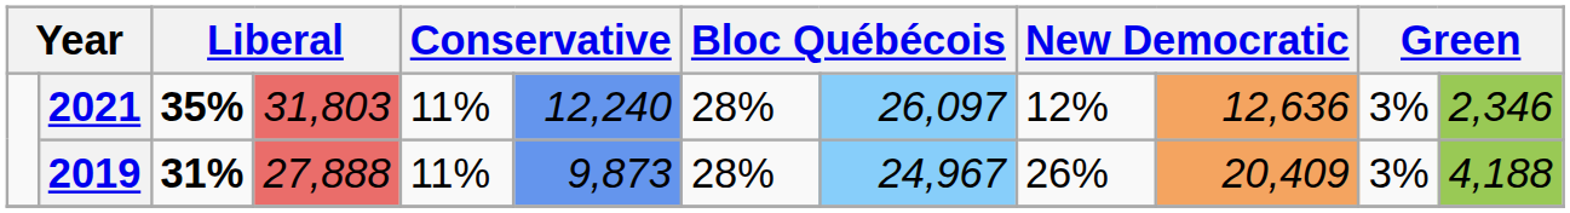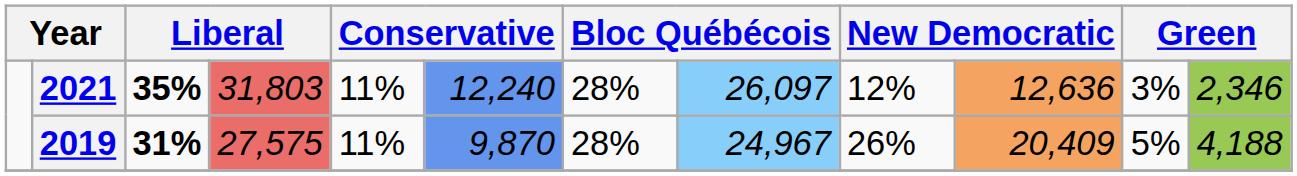 <table class="wikitable" style="float:right; width:400; font-size:90%; margin-left:1em;">
 <tr>
 <th colspan="2" scope="col">Year</th>
 <th colspan="2" scope="col"><a href='#'>Liberal</a></th>
 <th colspan="2" scope="col"><a href='#'>Conservative</a></th>
 <th colspan="2" scope="col"><a href='#'>Bloc Québécois</a></th>
 <th colspan="2" scope="col"><a href='#'>New Democratic</a></th>
 <th colspan="2" scope="col"><a href='#'>Green</a></th>
 </tr>
 <tr>
 <td rowspan="2" style="width: 0.25em; background-color: "></td>
 <th><a href='#'>2021</a></th>
 <td><strong>35%</strong></td>
 <td style="text-align:right; background:#EA6D6A;"><em>31,803</em></td>
 <td>11%</td>
 <td style="text-align:right; background:#6495ED;"><em>12,240</em></td>
 <td>28%</td>
 <td style="text-align:right; background:#87CEFA;"><em>26,097</em></td>
 <td>12%</td>
 <td style="text-align:right; background:#F4A460;"><em>12,636</em></td>
 <td>3%</td>
 <td style="text-align:right; background:#99C955;"><em>2,346</em></td>
 </tr>
 <tr>
 <th><a href='#'>2019</a></th>
 <td><strong>31%</strong></td>
-<td style="text-align:right; background:#EA6D6A;"><em>27,888</em></td>
+<td style="text-align:right; background:#EA6D6A;"><em>27,575</em></td>
 <td>11%</td>
-<td style="text-align:right; background:#6495ED;"><em>9,873</em></td>
+<td style="text-align:right; background:#6495ED;"><em>9,870</em></td>
 <td>28%</td>
 <td style="text-align:right; background:#87CEFA;"><em>24,967</em></td>
 <td>26%</td>
 <td style="text-align:right; background:#F4A460;"><em>20,409</em></td>
-<td>3%</td>
+<td>5%</td>
 <td style="text-align:right; background:#99C955;"><em>4,188</em></td>
 </tr>
 <tr>
 </tr>
 </table>
